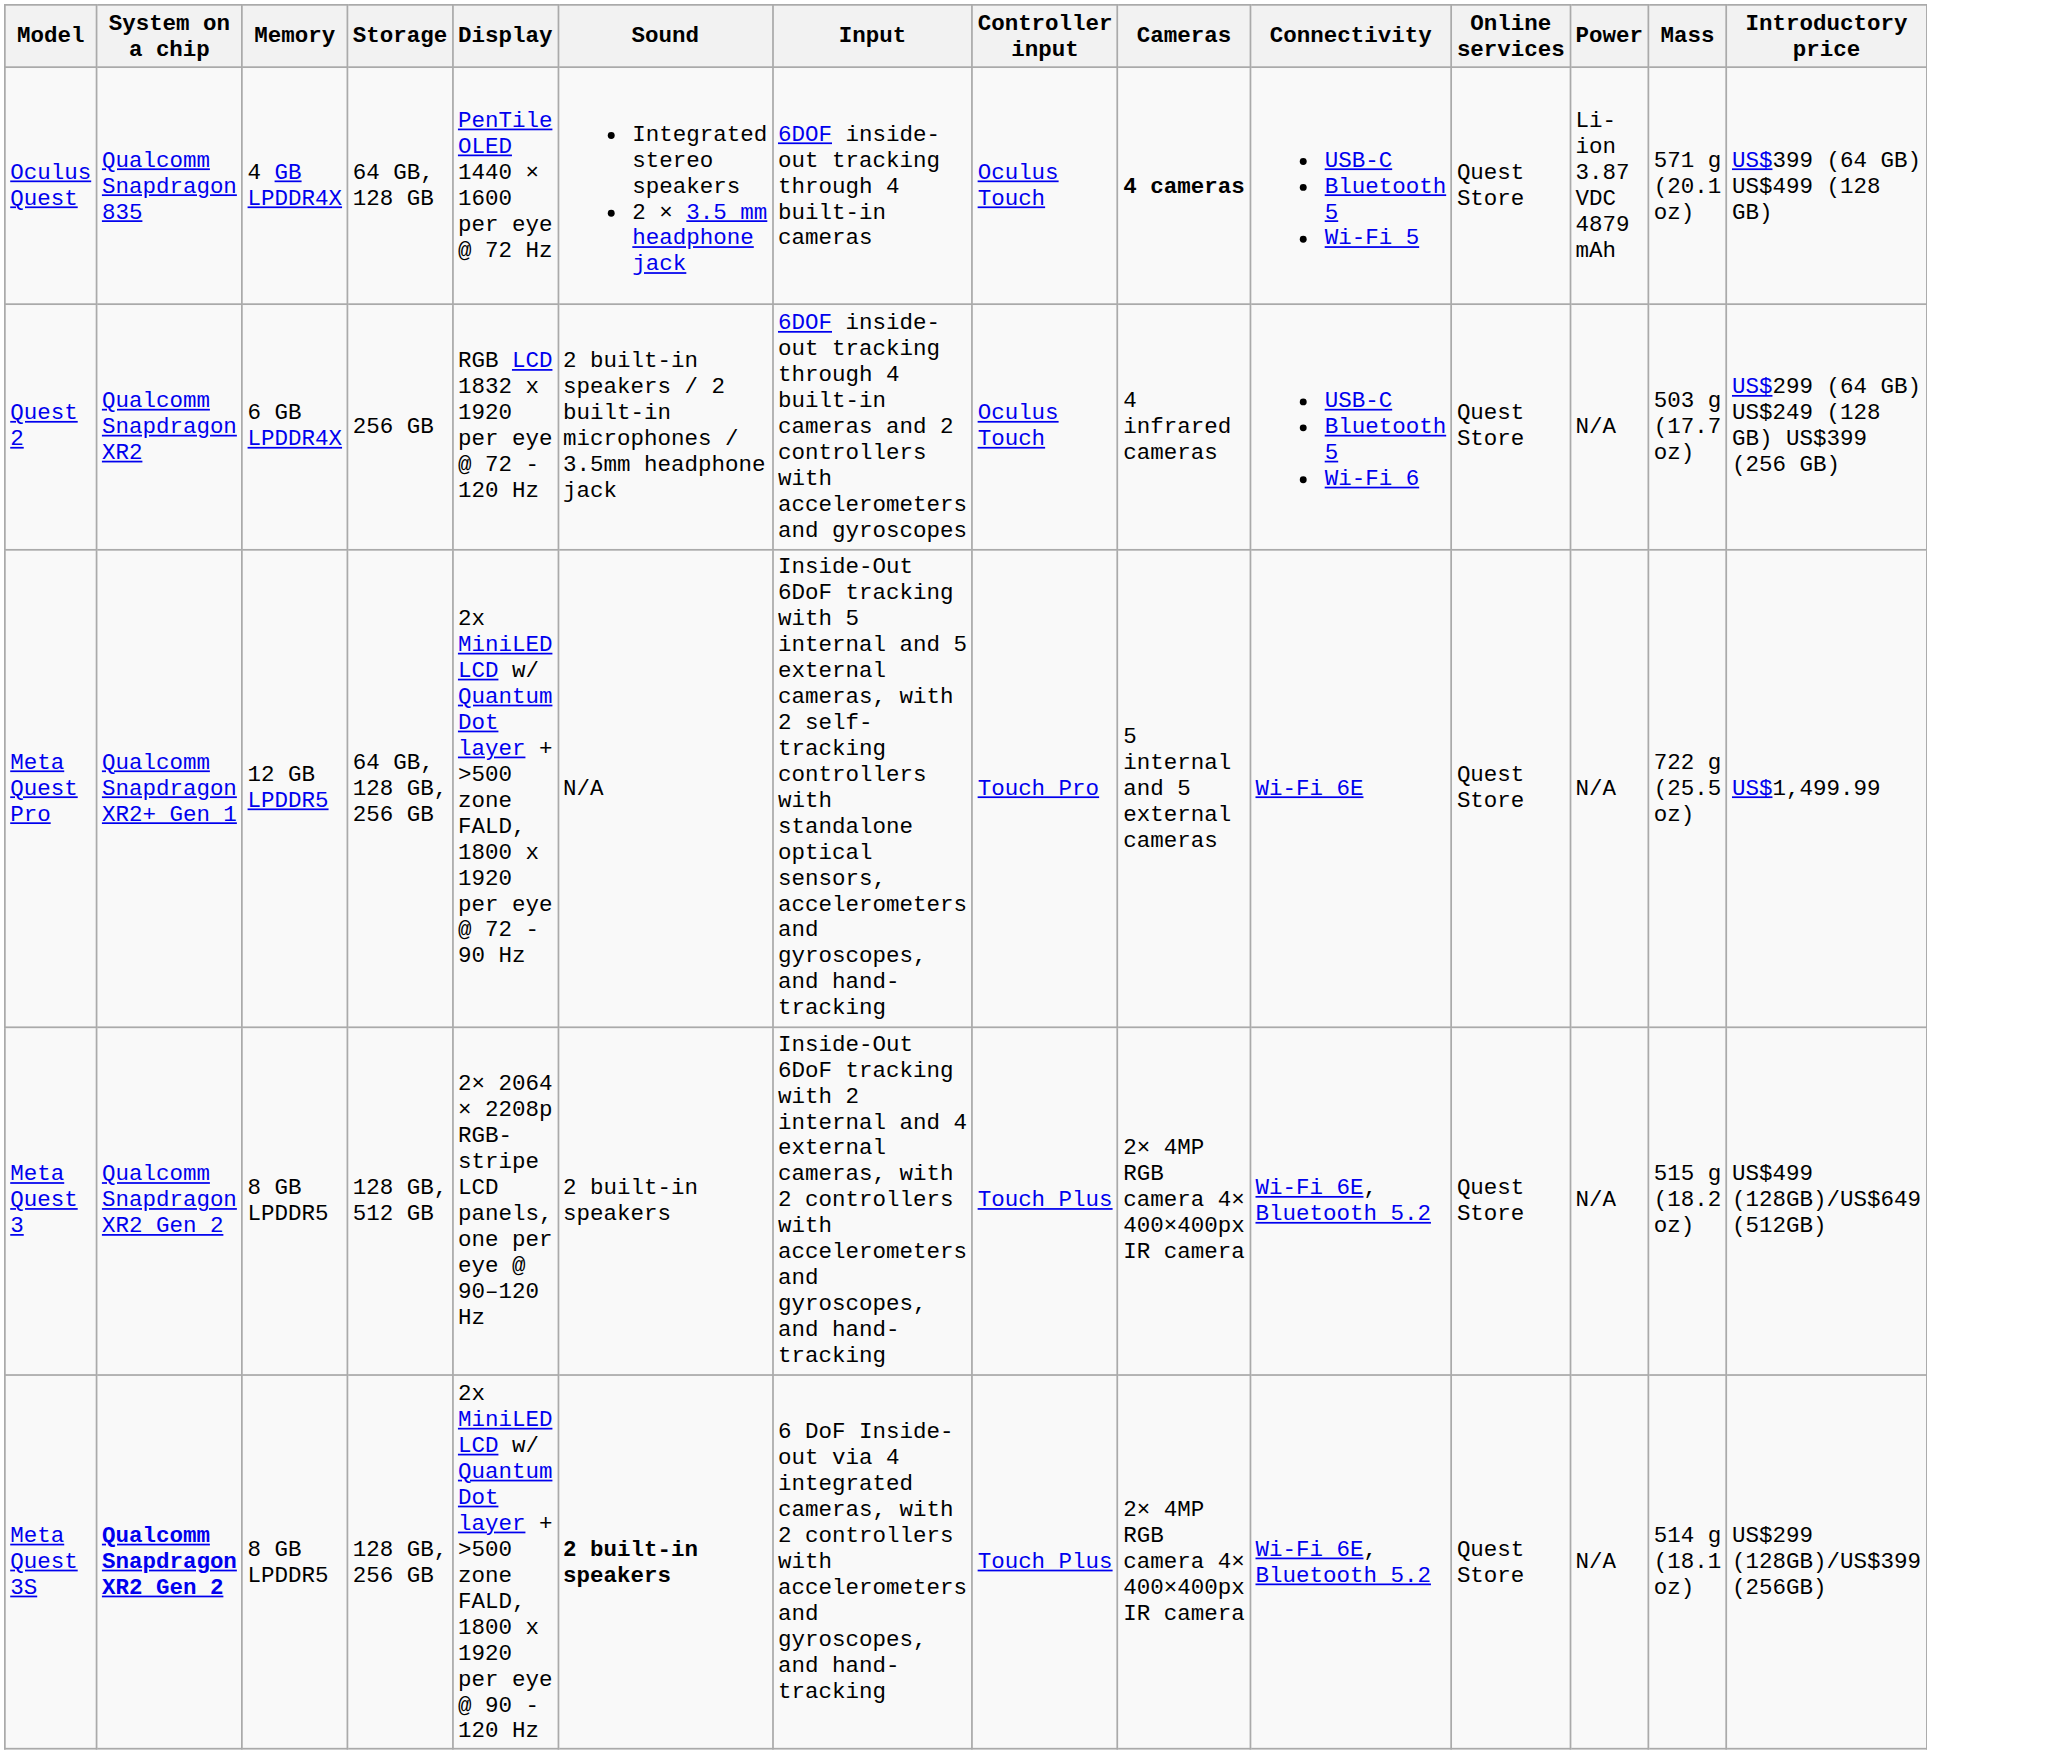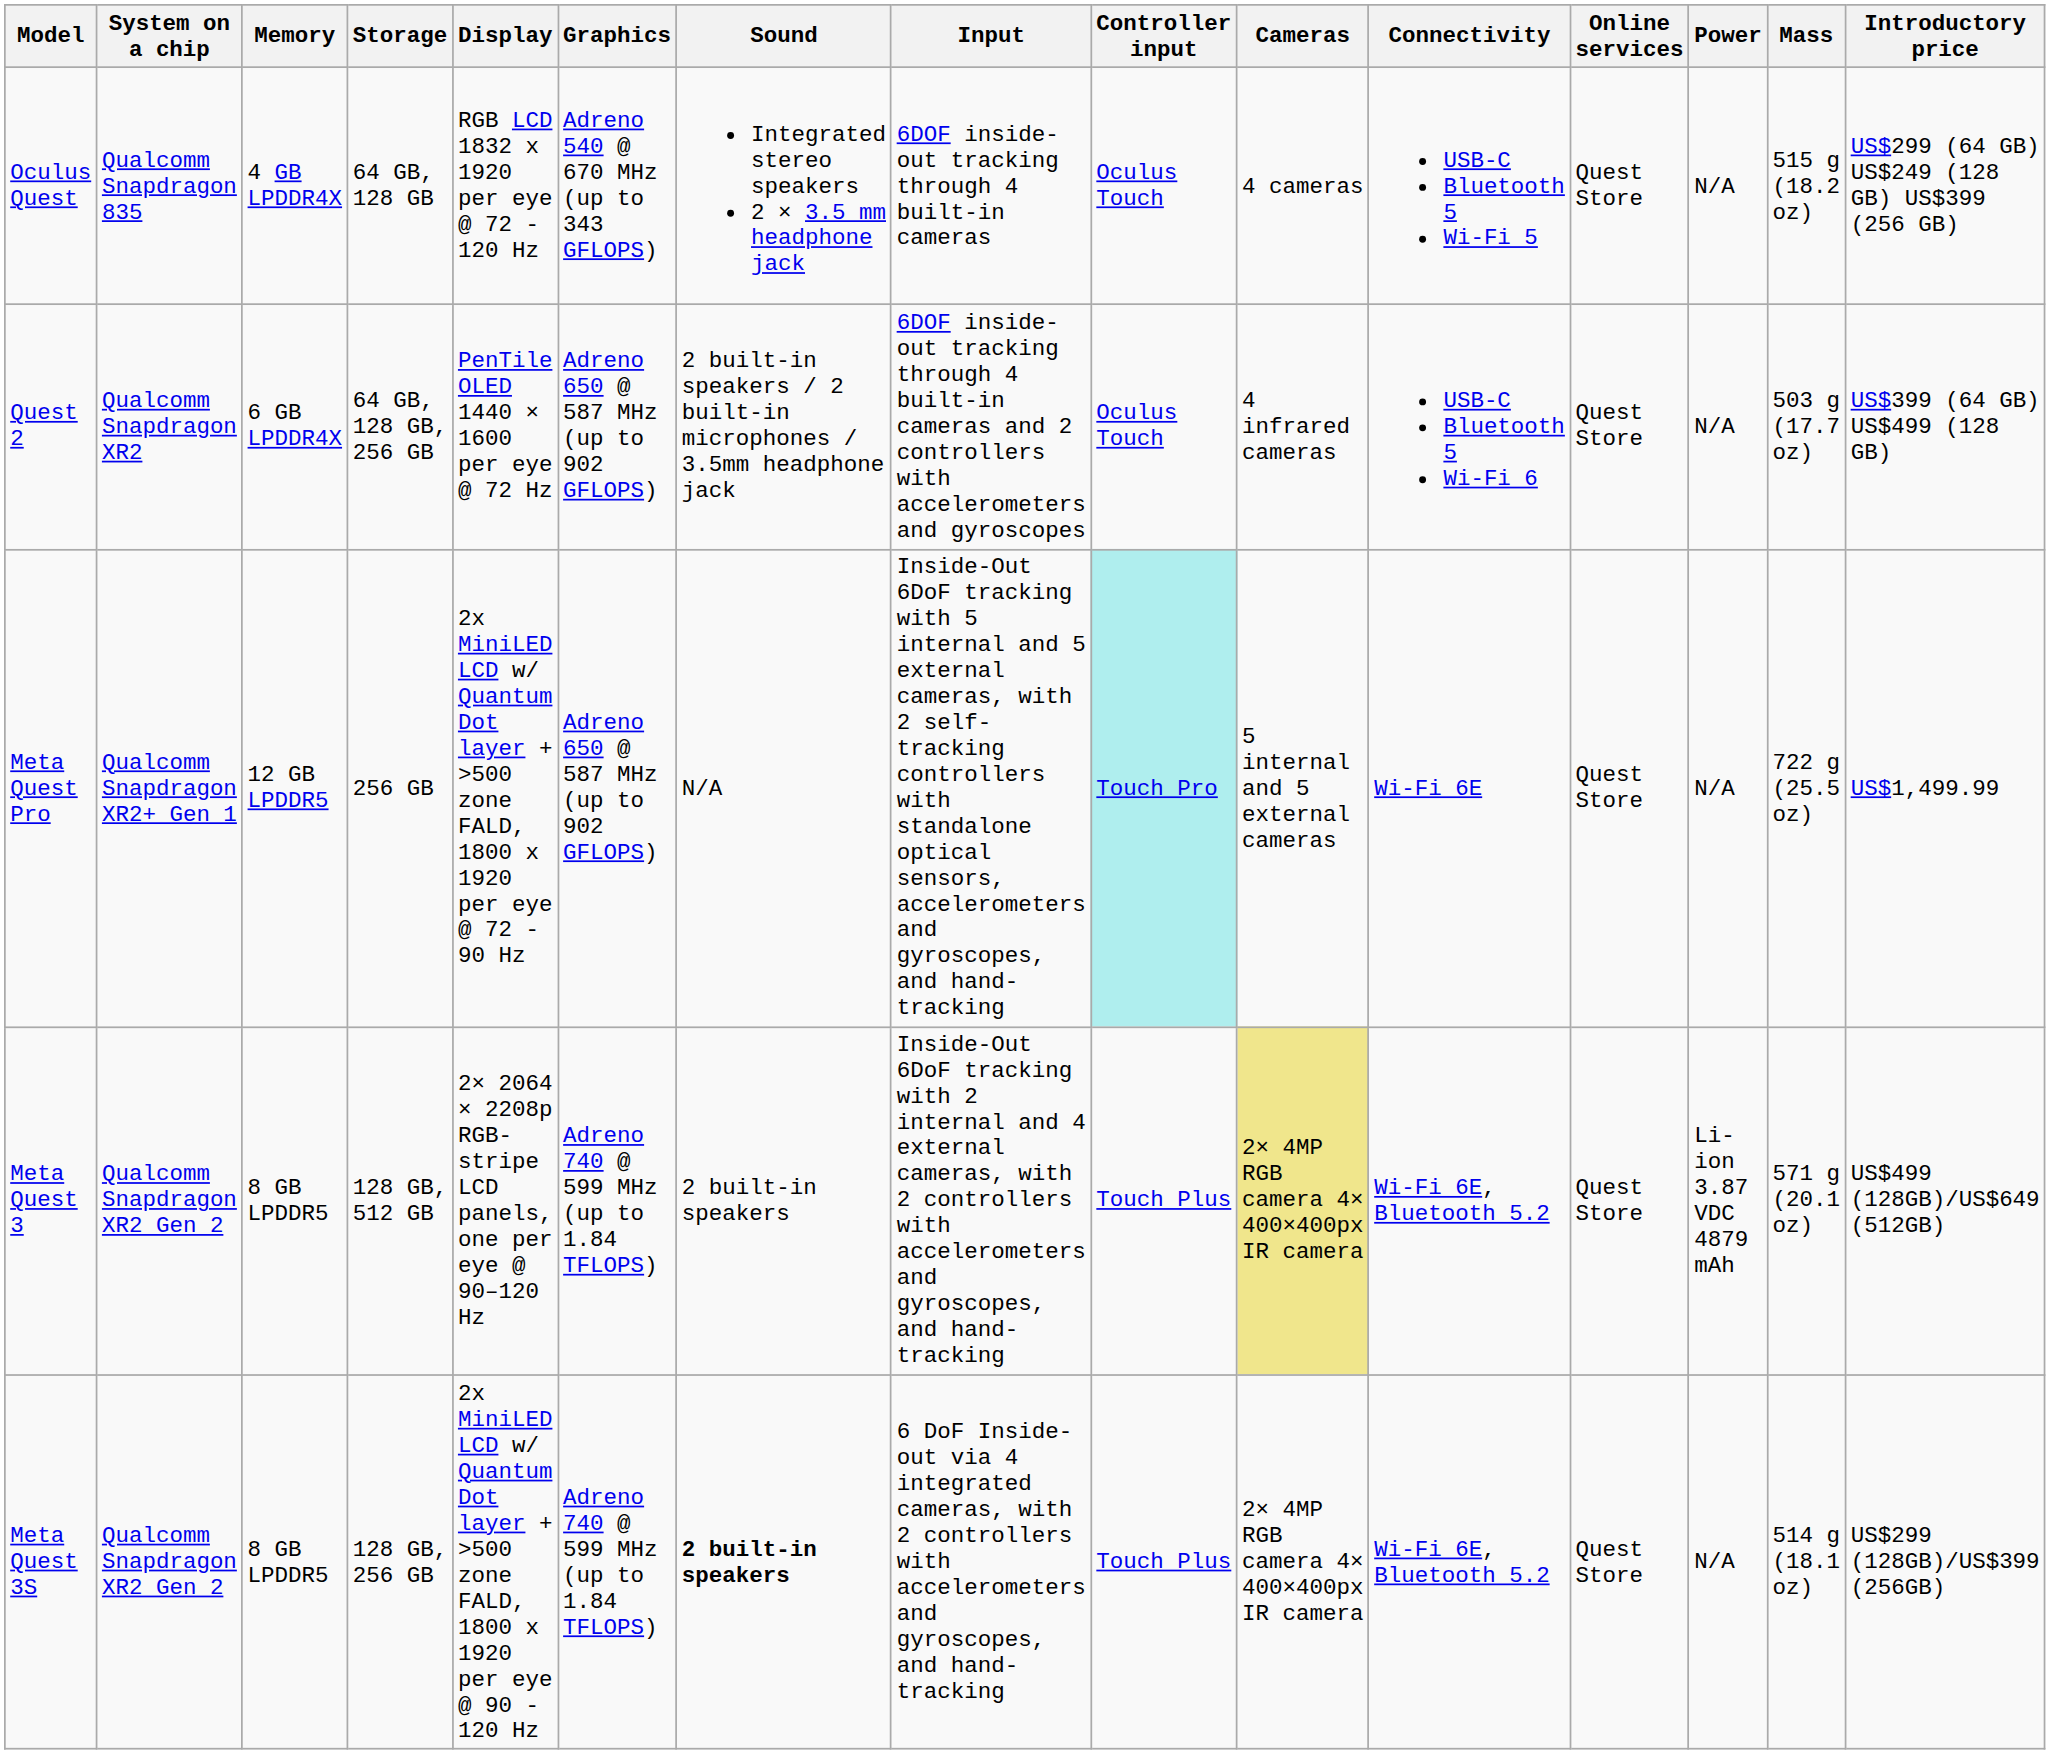 <table class="wikitable sortable">
 <tr>
 <th>Model</th>
 <th>System on a chip</th>
 <th>Memory</th>
 <th>Storage</th>
 <th>Display</th>
+<th>Graphics</th>
 <th>Sound</th>
 <th>Input</th>
 <th>Controller input</th>
 <th>Cameras</th>
 <th>Connectivity</th>
 <th><strong>Online services</strong></th>
 <th>Power</th>
 <th>Mass</th>
 <th>Introductory price</th>
 </tr>
 <tr>
 <td><a href='#'>Oculus Quest</a></td>
 <td><a href='#'>Qualcomm</a> <a href='#'>Snapdragon 835</a></td>
 <td>4 <a href='#'>GB</a> <a href='#'>LPDDR4X</a></td>
 <td>64 GB, 128 GB</td>
-<td><a href='#'>PenTile</a> <a href='#'>OLED</a> 1440 × 1600 per eye @ 72 Hz</td>
+<td>RGB <a href='#'>LCD</a> 1832 x 1920 per eye @ 72 - 120 Hz</td>
+<td><a href='#'>Adreno 540</a> @ 670 MHz (up to 343 <a href='#'>GFLOPS</a>)</td>
 <td><br><ul><li>Integrated stereo speakers</li><li>2 × <a href='#'>3.5 mm headphone jack</a></li></ul></td>
 <td><a href='#'>6DOF</a> inside-out tracking through 4 built-in cameras</td>
 <td><a href='#'>Oculus Touch</a></td>
-<td><strong>4 cameras</strong></td>
+<td>4 cameras</td>
 <td><br><ul><li><a href='#'>USB-C</a></li><li><a href='#'>Bluetooth 5</a></li><li><a href='#'>Wi-Fi 5</a></li></ul></td>
 <td>Quest Store</td>
-<td>Li-ion 3.87 VDC 4879 mAh</td>
-<td>571 g (20.1 oz)</td>
-<td><a href='#'>US$</a>399 (64 GB)<br>US$499 (128 GB)</td>
+<td>N/A</td>
+<td>515 g (18.2 oz)</td>
+<td><a href='#'>US$</a>299 (64 GB)<br>US$249 (128 GB) US$399 (256 GB)</td>
 </tr>
 <tr>
 <td><a href='#'>Quest 2</a></td>
 <td><a href='#'>Qualcomm</a> <a href='#'>Snapdragon XR2</a></td>
 <td>6 GB <a href='#'>LPDDR4X</a></td>
-<td>256 GB</td>
-<td>RGB <a href='#'>LCD</a> 1832 x 1920 per eye @ 72 - 120 Hz</td>
+<td>64 GB, 128 GB, 256 GB</td>
+<td><a href='#'>PenTile</a> <a href='#'>OLED</a> 1440 × 1600 per eye @ 72 Hz</td>
+<td><a href='#'>Adreno 650</a> @ 587 MHz (up to 902 <a href='#'>GFLOPS</a>)</td>
 <td>2 built-in speakers / 2 built-in microphones / 3.5mm headphone jack</td>
 <td><a href='#'>6DOF</a> inside-out tracking through 4 built-in cameras and 2 controllers with accelerometers and gyroscopes</td>
 <td><a href='#'>Oculus Touch</a></td>
 <td>4 infrared cameras</td>
 <td><br><ul><li><a href='#'>USB-C</a></li><li><a href='#'>Bluetooth 5</a></li><li><a href='#'>Wi-Fi 6</a></li></ul></td>
 <td>Quest Store</td>
 <td>N/A</td>
 <td>503 g (17.7 oz)</td>
-<td><a href='#'>US$</a>299 (64 GB)<br>US$249 (128 GB) US$399 (256 GB)</td>
+<td><a href='#'>US$</a>399 (64 GB)<br>US$499 (128 GB)</td>
 </tr>
 <tr>
 <td><a href='#'>Meta Quest Pro</a></td>
 <td><a href='#'>Qualcomm</a> <a href='#'>Snapdragon XR2+ Gen 1</a></td>
 <td>12 GB <a href='#'>LPDDR5</a></td>
-<td>64 GB, 128 GB, 256 GB</td>
+<td>256 GB</td>
 <td>2x <a href='#'>MiniLED</a> <a href='#'>LCD</a> w/ <a href='#'>Quantum Dot layer</a> + >500 zone FALD, 1800 x 1920 per eye @ 72 - 90 Hz</td>
+<td><a href='#'>Adreno 650</a> @ 587 MHz (up to 902 <a href='#'>GFLOPS</a>)</td>
 <td>N/A</td>
 <td>Inside-Out 6DoF tracking with 5 internal and 5 external cameras, with 2 self-tracking controllers with standalone optical sensors, accelerometers and gyroscopes, and hand-tracking</td>
-<td><a href='#'>Touch Pro</a></td>
+<td style="background: paleturquoise;"><a href='#'>Touch Pro</a></td>
 <td>5 internal and 5 external cameras</td>
 <td><a href='#'>Wi-Fi 6E</a></td>
 <td>Quest Store</td>
 <td>N/A</td>
 <td>722 g (25.5 oz)</td>
 <td><a href='#'>US$</a>1,499.99</td>
 </tr>
 <tr>
 <td><a href='#'>Meta Quest 3</a></td>
 <td><a href='#'>Qualcomm</a> <a href='#'>Snapdragon XR2 Gen 2</a></td>
 <td>8 GB LPDDR5</td>
 <td>128 GB, 512 GB</td>
 <td>2× 2064 × 2208p RGB-stripe LCD panels, one per eye @ 90–120 Hz</td>
+<td><a href='#'>Adreno 740</a> @ 599 MHz (up to 1.84 <a href='#'>TFLOPS</a>)</td>
 <td>2 built-in speakers</td>
 <td>Inside-Out 6DoF tracking with 2 internal and 4 external cameras, with 2 controllers with accelerometers and gyroscopes, and hand-tracking</td>
 <td><a href='#'>Touch Plus</a></td>
-<td>2× 4MP RGB camera 4× 400×400px IR camera</td>
+<td style="background: khaki;">2× 4MP RGB camera 4× 400×400px IR camera</td>
 <td><a href='#'>Wi-Fi 6E</a>, <a href='#'>Bluetooth 5.2</a></td>
 <td>Quest Store</td>
-<td>N/A</td>
-<td>515 g (18.2 oz)</td>
+<td>Li-ion 3.87 VDC 4879 mAh</td>
+<td>571 g (20.1 oz)</td>
 <td>US$499 (128GB)/US$649 (512GB)</td>
 </tr>
 <tr>
 <td><a href='#'>Meta Quest 3S</a></td>
-<td><strong><a href='#'>Qualcomm</a> <a href='#'>Snapdragon XR2 Gen 2</a></strong></td>
+<td><a href='#'>Qualcomm</a> <a href='#'>Snapdragon XR2 Gen 2</a></td>
 <td>8 GB LPDDR5</td>
 <td>128 GB, 256 GB</td>
 <td>2x <a href='#'>MiniLED</a> <a href='#'>LCD</a> w/ <a href='#'>Quantum Dot layer</a> + >500 zone FALD, 1800 x 1920 per eye @ 90 - 120 Hz</td>
+<td><a href='#'>Adreno 740</a> @ 599 MHz (up to 1.84 <a href='#'>TFLOPS</a>)</td>
 <td><strong>2 built-in speakers</strong></td>
 <td>6 DoF Inside-out via 4 integrated cameras, with 2 controllers with accelerometers and gyroscopes, and hand-tracking</td>
 <td><a href='#'>Touch Plus</a></td>
 <td>2× 4MP RGB camera 4× 400×400px IR camera</td>
 <td><a href='#'>Wi-Fi 6E</a>, <a href='#'>Bluetooth 5.2</a></td>
 <td>Quest Store</td>
 <td>N/A</td>
 <td>514 g (18.1 oz)</td>
 <td>US$299 (128GB)/US$399 (256GB)</td>
 </tr>
 </table>
